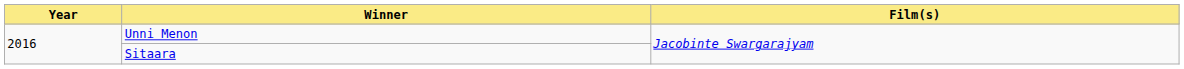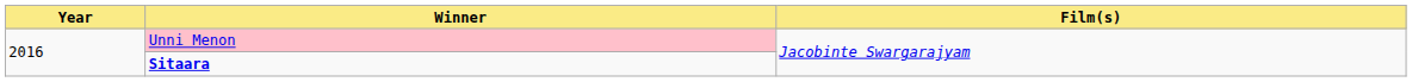 <table class="wikitable" style="width:100%">
 <tr bgcolor="#bebebe">
 <th width="10%" style="background:#FAEB86">Year</th>
 <th width="45%" style="background:#FAEB86">Winner</th>
 <th width="45%" style="background:#FAEB86">Film(s)</th>
 </tr>
 <tr>
 <td rowspan=2>2016</td>
-<td><a href='#'>Unni Menon</a></td>
+<td style="background: pink;"><a href='#'>Unni Menon</a></td>
 <td rowspan=2><em><a href='#'>Jacobinte Swargarajyam</a></em></td>
 </tr>
 <tr>
-<td><a href='#'>Sitaara</a></td>
+<td><strong><a href='#'>Sitaara</a></strong></td>
 </tr>
 </table>
